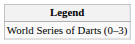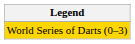 <table class="wikitable">
 <tr>
 <th>Legend</th>
 </tr>
 <tr style="background:#afeeee;">
 </tr>
 <tr>
-<td>World Series of Darts (0–3)</td>
+<td style="background: gold;">World Series of Darts (0–3)</td>
 </tr>
 </table>
